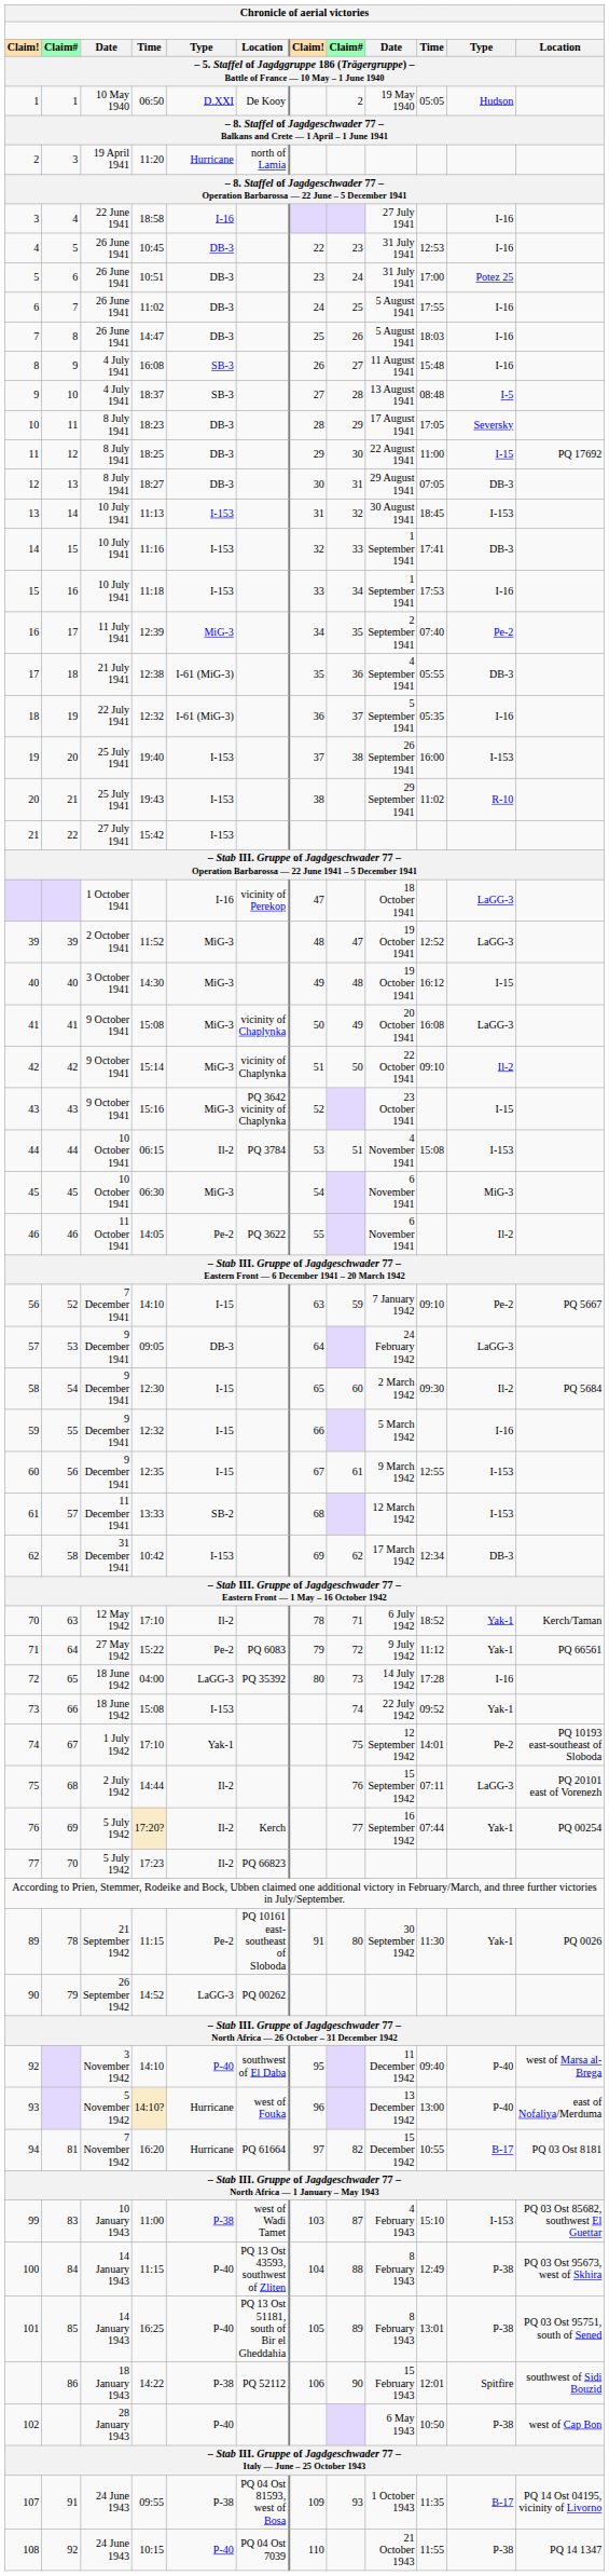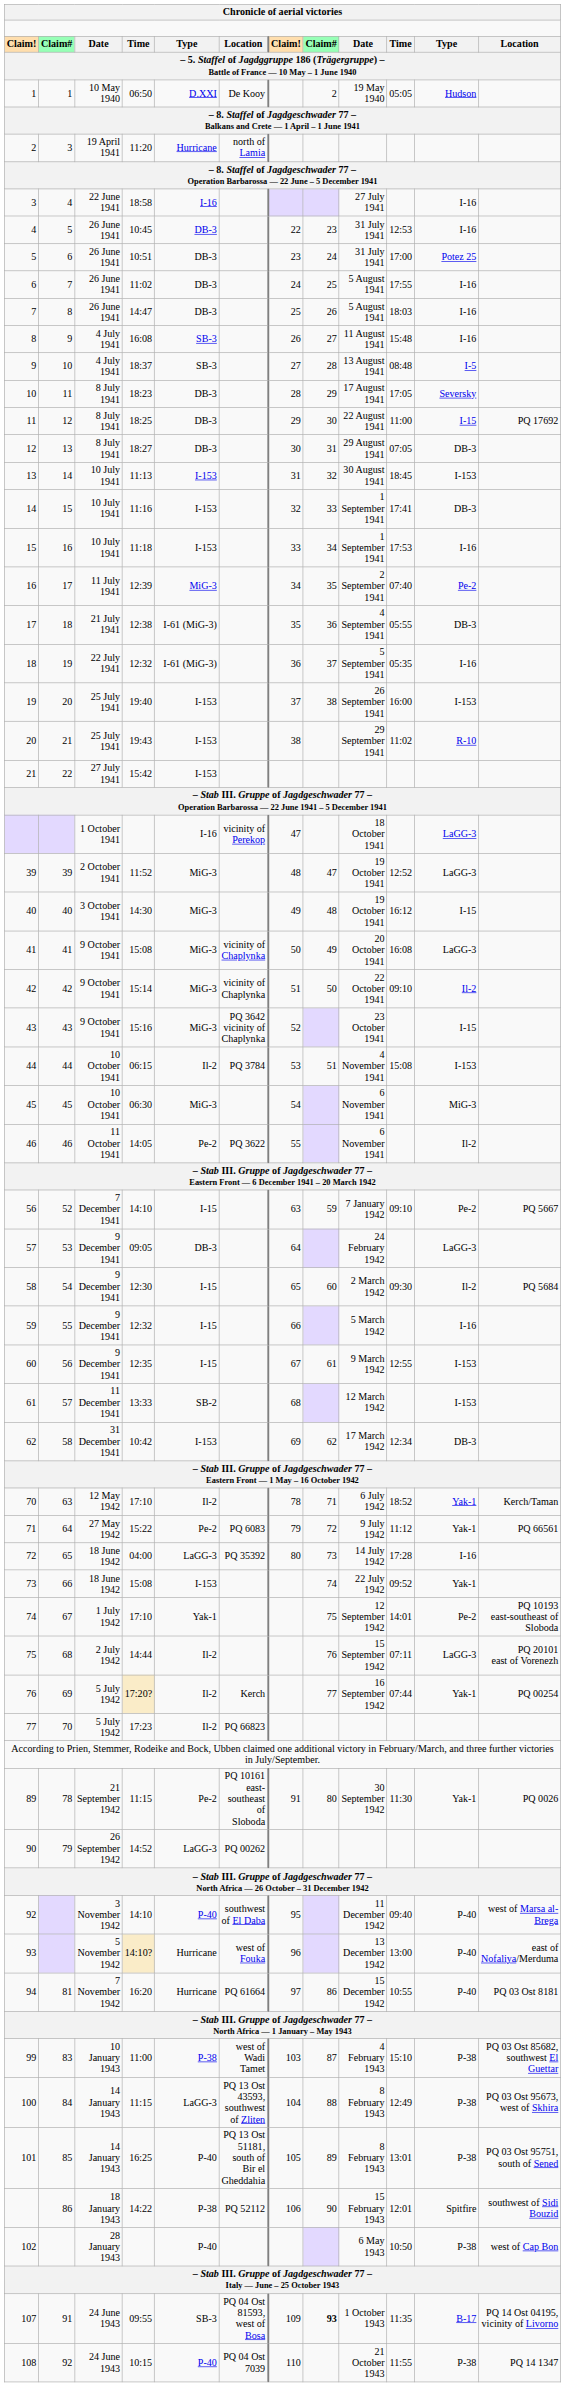 <table class="wikitable plainrowheaders collapsible" style="margin-left: auto; margin-right: auto; border: none; text-align:right; width: 100%;">
 <tr>
 <th colspan="12">Chronicle of aerial victories</th>
 </tr>
 <tr>
 <td colspan="12" style="text-align: left;"><br>   </td>
 </tr>
 <tr>
 <th scope="col" style="background:#ffdead">Claim!</th>
 <th scope="col" style="background:#97ffb6">Claim#</th>
 <th scope="col">Date</th>
 <th scope="col">Time</th>
 <th scope="col" width="100px">Type</th>
 <th scope="col">Location</th>
 <th scope="col" style="border-left: 3px solid grey; background:#ffdead">Claim!</th>
 <th scope="col" style="background:#97ffb6">Claim#</th>
 <th scope="col">Date</th>
 <th scope="col">Time</th>
 <th scope="col" width="100px">Type</th>
 <th scope="col">Location</th>
 </tr>
 <tr>
 <th colspan="12">– 5. <em>Staffel</em> of <em>Jagdggruppe</em> 186 (<em>Trägergruppe</em>) –<br><small>Battle of France — 10 May – 1 June 1940</small></th>
 </tr>
 <tr>
 <td>1</td>
 <td>1</td>
 <td>10 May 1940</td>
 <td>06:50</td>
 <td><a href='#'>D.XXI</a></td>
 <td>De Kooy</td>
 <td style="border-left: 3px solid grey;"></td>
 <td>2</td>
 <td>19 May 1940</td>
 <td>05:05</td>
 <td><a href='#'>Hudson</a></td>
 <td></td>
 </tr>
 <tr>
 <th colspan="12">– 8. <em>Staffel</em> of <em>Jagdgeschwader</em> 77 –<br><small>Balkans and Crete — 1 April – 1 June 1941</small></th>
 </tr>
 <tr>
 <td>2</td>
 <td>3</td>
 <td>19 April 1941</td>
 <td>11:20</td>
 <td><a href='#'>Hurricane</a></td>
 <td> north of <a href='#'>Lamia</a></td>
 <td style="border-left: 3px solid grey;"></td>
 <td></td>
 <td></td>
 <td></td>
 <td></td>
 <td></td>
 </tr>
 <tr>
 <th colspan="12">– 8. <em>Staffel</em> of <em>Jagdgeschwader</em> 77 –<br><small>Operation Barbarossa — 22 June – 5 December 1941</small></th>
 </tr>
 <tr>
 <td>3</td>
 <td>4</td>
 <td>22 June 1941</td>
 <td>18:58</td>
 <td><a href='#'>I-16</a></td>
 <td></td>
 <td style="border-left: 3px solid grey; background:#e3d9ff;"></td>
 <td style="background:#e3d9ff;"></td>
 <td>27 July 1941</td>
 <td></td>
 <td>I-16</td>
 <td></td>
 </tr>
 <tr>
 <td>4</td>
 <td>5</td>
 <td>26 June 1941</td>
 <td>10:45</td>
 <td><a href='#'>DB-3</a></td>
 <td></td>
 <td style="border-left: 3px solid grey;">22</td>
 <td>23</td>
 <td>31 July 1941</td>
 <td>12:53</td>
 <td>I-16</td>
 <td></td>
 </tr>
 <tr>
 <td>5</td>
 <td>6</td>
 <td>26 June 1941</td>
 <td>10:51</td>
 <td>DB-3</td>
 <td></td>
 <td style="border-left: 3px solid grey;">23</td>
 <td>24</td>
 <td>31 July 1941</td>
 <td>17:00</td>
 <td><a href='#'>Potez 25</a></td>
 <td></td>
 </tr>
 <tr>
 <td>6</td>
 <td>7</td>
 <td>26 June 1941</td>
 <td>11:02</td>
 <td>DB-3</td>
 <td></td>
 <td style="border-left: 3px solid grey;">24</td>
 <td>25</td>
 <td>5 August 1941</td>
 <td>17:55</td>
 <td>I-16</td>
 <td></td>
 </tr>
 <tr>
 <td>7</td>
 <td>8</td>
 <td>26 June 1941</td>
 <td>14:47</td>
 <td>DB-3</td>
 <td></td>
 <td style="border-left: 3px solid grey;">25</td>
 <td>26</td>
 <td>5 August 1941</td>
 <td>18:03</td>
 <td>I-16</td>
 <td></td>
 </tr>
 <tr>
 <td>8</td>
 <td>9</td>
 <td>4 July 1941</td>
 <td>16:08</td>
 <td><a href='#'>SB-3</a></td>
 <td></td>
 <td style="border-left: 3px solid grey;">26</td>
 <td>27</td>
 <td>11 August 1941</td>
 <td>15:48</td>
 <td>I-16</td>
 <td></td>
 </tr>
 <tr>
 <td>9</td>
 <td>10</td>
 <td>4 July 1941</td>
 <td>18:37</td>
 <td>SB-3</td>
 <td></td>
 <td style="border-left: 3px solid grey;">27</td>
 <td>28</td>
 <td>13 August 1941</td>
 <td>08:48</td>
 <td><a href='#'>I-5</a></td>
 <td></td>
 </tr>
 <tr>
 <td>10</td>
 <td>11</td>
 <td>8 July 1941</td>
 <td>18:23</td>
 <td>DB-3</td>
 <td></td>
 <td style="border-left: 3px solid grey;">28</td>
 <td>29</td>
 <td>17 August 1941</td>
 <td>17:05</td>
 <td><a href='#'>Seversky</a></td>
 <td></td>
 </tr>
 <tr>
 <td>11</td>
 <td>12</td>
 <td>8 July 1941</td>
 <td>18:25</td>
 <td>DB-3</td>
 <td></td>
 <td style="border-left: 3px solid grey;">29</td>
 <td>30</td>
 <td>22 August 1941</td>
 <td>11:00</td>
 <td><a href='#'>I-15</a></td>
 <td>PQ 17692</td>
 </tr>
 <tr>
 <td>12</td>
 <td>13</td>
 <td>8 July 1941</td>
 <td>18:27</td>
 <td>DB-3</td>
 <td></td>
 <td style="border-left: 3px solid grey;">30</td>
 <td>31</td>
 <td>29 August 1941</td>
 <td>07:05</td>
 <td>DB-3</td>
 <td></td>
 </tr>
 <tr>
 <td>13</td>
 <td>14</td>
 <td>10 July 1941</td>
 <td>11:13</td>
 <td><a href='#'>I-153</a></td>
 <td></td>
 <td style="border-left: 3px solid grey;">31</td>
 <td>32</td>
 <td>30 August 1941</td>
 <td>18:45</td>
 <td>I-153</td>
 <td></td>
 </tr>
 <tr>
 <td>14</td>
 <td>15</td>
 <td>10 July 1941</td>
 <td>11:16</td>
 <td>I-153</td>
 <td></td>
 <td style="border-left: 3px solid grey;">32</td>
 <td>33</td>
 <td>1 September 1941</td>
 <td>17:41</td>
 <td>DB-3</td>
 <td></td>
 </tr>
 <tr>
 <td>15</td>
 <td>16</td>
 <td>10 July 1941</td>
 <td>11:18</td>
 <td>I-153</td>
 <td></td>
 <td style="border-left: 3px solid grey;">33</td>
 <td>34</td>
 <td>1 September 1941</td>
 <td>17:53</td>
 <td>I-16</td>
 <td></td>
 </tr>
 <tr>
 <td>16</td>
 <td>17</td>
 <td>11 July 1941</td>
 <td>12:39</td>
 <td><a href='#'>MiG-3</a></td>
 <td></td>
 <td style="border-left: 3px solid grey;">34</td>
 <td>35</td>
 <td>2 September 1941</td>
 <td>07:40</td>
 <td><a href='#'>Pe-2</a></td>
 <td></td>
 </tr>
 <tr>
 <td>17</td>
 <td>18</td>
 <td>21 July 1941</td>
 <td>12:38</td>
 <td>I-61 (MiG-3)</td>
 <td></td>
 <td style="border-left: 3px solid grey;">35</td>
 <td>36</td>
 <td>4 September 1941</td>
 <td>05:55</td>
 <td>DB-3</td>
 <td></td>
 </tr>
 <tr>
 <td>18</td>
 <td>19</td>
 <td>22 July 1941</td>
 <td>12:32</td>
 <td>I-61 (MiG-3)</td>
 <td></td>
 <td style="border-left: 3px solid grey;">36</td>
 <td>37</td>
 <td>5 September 1941</td>
 <td>05:35</td>
 <td>I-16</td>
 <td></td>
 </tr>
 <tr>
 <td>19</td>
 <td>20</td>
 <td>25 July 1941</td>
 <td>19:40</td>
 <td>I-153</td>
 <td></td>
 <td style="border-left: 3px solid grey;">37</td>
 <td>38</td>
 <td>26 September 1941</td>
 <td>16:00</td>
 <td>I-153</td>
 <td></td>
 </tr>
 <tr>
 <td>20</td>
 <td>21</td>
 <td>25 July 1941</td>
 <td>19:43</td>
 <td>I-153</td>
 <td></td>
 <td style="border-left: 3px solid grey;">38</td>
 <td></td>
 <td>29 September 1941</td>
 <td>11:02</td>
 <td><a href='#'>R-10</a></td>
 <td></td>
 </tr>
 <tr>
 <td>21</td>
 <td>22</td>
 <td>27 July 1941</td>
 <td>15:42</td>
 <td>I-153</td>
 <td></td>
 <td style="border-left: 3px solid grey;"></td>
 <td></td>
 <td></td>
 <td></td>
 <td></td>
 <td></td>
 </tr>
 <tr>
 <th colspan="12">– <em>Stab</em> III. <em>Gruppe</em> of <em>Jagdgeschwader</em> 77 –<br><small>Operation Barbarossa — 22 June 1941 – 5 December 1941</small></th>
 </tr>
 <tr>
 <td style="background:#e3d9ff;"></td>
 <td style="background:#e3d9ff;"></td>
 <td>1 October 1941</td>
 <td></td>
 <td>I-16</td>
 <td>vicinity of <a href='#'>Perekop</a></td>
 <td style="border-left: 3px solid grey;">47</td>
 <td></td>
 <td>18 October 1941</td>
 <td></td>
 <td><a href='#'>LaGG-3</a></td>
 <td></td>
 </tr>
 <tr>
 <td>39</td>
 <td>39</td>
 <td>2 October 1941</td>
 <td>11:52</td>
 <td>MiG-3</td>
 <td></td>
 <td style="border-left: 3px solid grey;">48</td>
 <td>47</td>
 <td>19 October 1941</td>
 <td>12:52</td>
 <td>LaGG-3</td>
 <td></td>
 </tr>
 <tr>
 <td>40</td>
 <td>40</td>
 <td>3 October 1941</td>
 <td>14:30</td>
 <td>MiG-3</td>
 <td></td>
 <td style="border-left: 3px solid grey;">49</td>
 <td>48</td>
 <td>19 October 1941</td>
 <td>16:12</td>
 <td>I-15</td>
 <td></td>
 </tr>
 <tr>
 <td>41</td>
 <td>41</td>
 <td>9 October 1941</td>
 <td>15:08</td>
 <td>MiG-3</td>
 <td>vicinity of <a href='#'>Chaplynka</a></td>
 <td style="border-left: 3px solid grey;">50</td>
 <td>49</td>
 <td>20 October 1941</td>
 <td>16:08</td>
 <td>LaGG-3</td>
 <td></td>
 </tr>
 <tr>
 <td>42</td>
 <td>42</td>
 <td>9 October 1941</td>
 <td>15:14</td>
 <td>MiG-3</td>
 <td>vicinity of Chaplynka</td>
 <td style="border-left: 3px solid grey;">51</td>
 <td>50</td>
 <td>22 October 1941</td>
 <td>09:10</td>
 <td><a href='#'>Il-2</a></td>
 <td></td>
 </tr>
 <tr>
 <td>43</td>
 <td>43</td>
 <td>9 October 1941</td>
 <td>15:16</td>
 <td>MiG-3</td>
 <td>PQ 3642<br>vicinity of Chaplynka</td>
 <td style="border-left: 3px solid grey;">52</td>
 <td style="background:#e3d9ff;"></td>
 <td>23 October 1941</td>
 <td></td>
 <td>I-15</td>
 <td></td>
 </tr>
 <tr>
 <td>44</td>
 <td>44</td>
 <td>10 October 1941</td>
 <td>06:15</td>
 <td>Il-2</td>
 <td>PQ 3784</td>
 <td style="border-left: 3px solid grey;">53</td>
 <td>51</td>
 <td>4 November 1941</td>
 <td>15:08</td>
 <td>I-153</td>
 <td></td>
 </tr>
 <tr>
 <td>45</td>
 <td>45</td>
 <td>10 October 1941</td>
 <td>06:30</td>
 <td>MiG-3</td>
 <td></td>
 <td style="border-left: 3px solid grey;">54</td>
 <td style="background:#e3d9ff;"></td>
 <td>6 November 1941</td>
 <td></td>
 <td>MiG-3</td>
 <td></td>
 </tr>
 <tr>
 <td>46</td>
 <td>46</td>
 <td>11 October 1941</td>
 <td>14:05</td>
 <td>Pe-2</td>
 <td>PQ 3622</td>
 <td style="border-left: 3px solid grey;">55</td>
 <td style="background:#e3d9ff;"></td>
 <td>6 November 1941</td>
 <td></td>
 <td>Il-2</td>
 <td></td>
 </tr>
 <tr>
 <th colspan="12">– <em>Stab</em> III. <em>Gruppe</em> of <em>Jagdgeschwader</em> 77 –<br><small>Eastern Front — 6 December 1941 – 20 March 1942</small></th>
 </tr>
 <tr>
 <td>56</td>
 <td>52</td>
 <td>7 December 1941</td>
 <td>14:10</td>
 <td>I-15</td>
 <td></td>
 <td style="border-left: 3px solid grey;">63</td>
 <td>59</td>
 <td>7 January 1942</td>
 <td>09:10</td>
 <td>Pe-2</td>
 <td>PQ 5667</td>
 </tr>
 <tr>
 <td>57</td>
 <td>53</td>
 <td>9 December 1941</td>
 <td>09:05</td>
 <td>DB-3</td>
 <td></td>
 <td style="border-left: 3px solid grey;">64</td>
 <td style="background:#e3d9ff;"></td>
 <td>24 February 1942</td>
 <td></td>
 <td>LaGG-3</td>
 <td></td>
 </tr>
 <tr>
 <td>58</td>
 <td>54</td>
 <td>9 December 1941</td>
 <td>12:30</td>
 <td>I-15</td>
 <td></td>
 <td style="border-left: 3px solid grey;">65</td>
 <td>60</td>
 <td>2 March 1942</td>
 <td>09:30</td>
 <td>Il-2</td>
 <td>PQ 5684</td>
 </tr>
 <tr>
 <td>59</td>
 <td>55</td>
 <td>9 December 1941</td>
 <td>12:32</td>
 <td>I-15</td>
 <td></td>
 <td style="border-left: 3px solid grey;">66</td>
 <td style="background:#e3d9ff;"></td>
 <td>5 March 1942</td>
 <td></td>
 <td>I-16</td>
 <td></td>
 </tr>
 <tr>
 <td>60</td>
 <td>56</td>
 <td>9 December 1941</td>
 <td>12:35</td>
 <td>I-15</td>
 <td></td>
 <td style="border-left: 3px solid grey;">67</td>
 <td>61</td>
 <td>9 March 1942</td>
 <td>12:55</td>
 <td>I-153</td>
 <td></td>
 </tr>
 <tr>
 <td>61</td>
 <td>57</td>
 <td>11 December 1941</td>
 <td>13:33</td>
 <td>SB-2</td>
 <td></td>
 <td style="border-left: 3px solid grey;">68</td>
 <td style="background:#e3d9ff;"></td>
 <td>12 March 1942</td>
 <td></td>
 <td>I-153</td>
 <td></td>
 </tr>
 <tr>
 <td>62</td>
 <td>58</td>
 <td>31 December 1941</td>
 <td>10:42</td>
 <td>I-153</td>
 <td></td>
 <td style="border-left: 3px solid grey;">69</td>
 <td>62</td>
 <td>17 March 1942</td>
 <td>12:34</td>
 <td>DB-3</td>
 <td></td>
 </tr>
 <tr>
 <th colspan="12">– <em>Stab</em> III. <em>Gruppe</em> of <em>Jagdgeschwader</em> 77 –<br><small>Eastern Front — 1 May – 16 October 1942</small></th>
 </tr>
 <tr>
 <td>70</td>
 <td>63</td>
 <td>12 May 1942</td>
 <td>17:10</td>
 <td>Il-2</td>
 <td></td>
 <td style="border-left: 3px solid grey;">78</td>
 <td>71</td>
 <td>6 July 1942</td>
 <td>18:52</td>
 <td><a href='#'>Yak-1</a></td>
 <td>Kerch/Taman</td>
 </tr>
 <tr>
 <td>71</td>
 <td>64</td>
 <td>27 May 1942</td>
 <td>15:22</td>
 <td>Pe-2</td>
 <td>PQ 6083</td>
 <td style="border-left: 3px solid grey;">79</td>
 <td>72</td>
 <td>9 July 1942</td>
 <td>11:12</td>
 <td>Yak-1</td>
 <td>PQ 66561</td>
 </tr>
 <tr>
 <td>72</td>
 <td>65</td>
 <td>18 June 1942</td>
 <td>04:00</td>
 <td>LaGG-3</td>
 <td>PQ 35392</td>
 <td style="border-left: 3px solid grey;">80</td>
 <td>73</td>
 <td>14 July 1942</td>
 <td>17:28</td>
 <td>I-16</td>
 <td></td>
 </tr>
 <tr>
 <td>73</td>
 <td>66</td>
 <td>18 June 1942</td>
 <td>15:08</td>
 <td>I-153</td>
 <td></td>
 <td style="border-left: 3px solid grey;"></td>
 <td>74</td>
 <td>22 July 1942</td>
 <td>09:52</td>
 <td>Yak-1</td>
 <td></td>
 </tr>
 <tr>
 <td>74</td>
 <td>67</td>
 <td>1 July 1942</td>
 <td>17:10</td>
 <td>Yak-1</td>
 <td></td>
 <td style="border-left: 3px solid grey;"></td>
 <td>75</td>
 <td>12 September 1942</td>
 <td>14:01</td>
 <td>Pe-2</td>
 <td>PQ 10193<br> east-southeast of Sloboda</td>
 </tr>
 <tr>
 <td>75</td>
 <td>68</td>
 <td>2 July 1942</td>
 <td>14:44</td>
 <td>Il-2</td>
 <td></td>
 <td style="border-left: 3px solid grey;"></td>
 <td>76</td>
 <td>15 September 1942</td>
 <td>07:11</td>
 <td>LaGG-3</td>
 <td>PQ 20101<br> east of Vorenezh</td>
 </tr>
 <tr>
 <td>76</td>
 <td>69</td>
 <td>5 July 1942</td>
 <td style="background:#faecc8">17:20?</td>
 <td>Il-2</td>
 <td>Kerch</td>
 <td style="border-left: 3px solid grey;"></td>
 <td>77</td>
 <td>16 September 1942</td>
 <td>07:44</td>
 <td>Yak-1</td>
 <td>PQ 00254</td>
 </tr>
 <tr>
 <td>77</td>
 <td>70</td>
 <td>5 July 1942</td>
 <td>17:23</td>
 <td>Il-2</td>
 <td>PQ 66823</td>
 <td style="border-left: 3px solid grey;"></td>
 <td></td>
 <td></td>
 <td></td>
 <td></td>
 <td></td>
 </tr>
 <tr>
 <td colspan="12" style="text-align: center">According to Prien, Stemmer, Rodeike and Bock, Ubben claimed one additional victory in February/March, and three further victories in July/September.</td>
 </tr>
 <tr>
 <td>89</td>
 <td>78</td>
 <td>21 September 1942</td>
 <td>11:15</td>
 <td>Pe-2</td>
 <td>PQ 10161<br> east-southeast of Sloboda</td>
 <td style="border-left: 3px solid grey;">91</td>
 <td>80</td>
 <td>30 September 1942</td>
 <td>11:30</td>
 <td>Yak-1</td>
 <td>PQ 0026</td>
 </tr>
 <tr>
 <td>90</td>
 <td>79</td>
 <td>26 September 1942</td>
 <td>14:52</td>
 <td>LaGG-3</td>
 <td>PQ 00262</td>
 <td style="border-left: 3px solid grey;"></td>
 <td></td>
 <td></td>
 <td></td>
 <td></td>
 <td></td>
 </tr>
 <tr>
 <th colspan="12">– <em>Stab</em> III. <em>Gruppe</em> of <em>Jagdgeschwader</em> 77 –<br><small>North Africa — 26 October – 31 December 1942</small></th>
 </tr>
 <tr>
 <td>92</td>
 <td style="background:#e3d9ff;"></td>
 <td>3 November 1942</td>
 <td>14:10</td>
 <td><a href='#'>P-40</a></td>
 <td>southwest of <a href='#'>El Daba</a></td>
 <td style="border-left: 3px solid grey;">95</td>
 <td style="background:#e3d9ff;"></td>
 <td>11 December 1942</td>
 <td>09:40</td>
 <td>P-40</td>
 <td>west of <a href='#'>Marsa al-Brega</a></td>
 </tr>
 <tr>
 <td>93</td>
 <td style="background:#e3d9ff;"></td>
 <td>5 November 1942</td>
 <td style="background:#faecc8">14:10?</td>
 <td>Hurricane</td>
 <td>west of <a href='#'>Fouka</a></td>
 <td style="border-left: 3px solid grey;">96</td>
 <td style="background:#e3d9ff;"></td>
 <td>13 December 1942</td>
 <td>13:00</td>
 <td>P-40</td>
 <td>east of <a href='#'>Nofaliya</a>/Merduma</td>
 </tr>
 <tr>
 <td>94</td>
 <td>81</td>
 <td>7 November 1942</td>
 <td>16:20</td>
 <td>Hurricane</td>
 <td>PQ 61664</td>
 <td style="border-left: 3px solid grey;">97</td>
-<td>82</td>
+<td>86</td>
 <td>15 December 1942</td>
 <td>10:55</td>
-<td><a href='#'>B-17</a></td>
+<td>P-40</td>
 <td>PQ 03 Ost 8181</td>
 </tr>
 <tr>
 <th colspan="12">– <em>Stab</em> III. <em>Gruppe</em> of <em>Jagdgeschwader</em> 77 –<br><small>North Africa — 1 January – May 1943</small></th>
 </tr>
 <tr>
 <td>99</td>
 <td>83</td>
 <td>10 January 1943</td>
 <td>11:00</td>
 <td><a href='#'>P-38</a></td>
 <td>west of Wadi Tamet</td>
 <td style="border-left: 3px solid grey;">103</td>
 <td>87</td>
 <td>4 February 1943</td>
 <td>15:10</td>
-<td>I-153</td>
+<td>P-38</td>
 <td>PQ 03 Ost 85682, southwest <a href='#'>El Guettar</a></td>
 </tr>
 <tr>
 <td>100</td>
 <td>84</td>
 <td>14 January 1943</td>
 <td>11:15</td>
-<td>P-40</td>
+<td>LaGG-3</td>
 <td>PQ 13 Ost 43593, southwest of <a href='#'>Zliten</a></td>
 <td style="border-left: 3px solid grey;">104</td>
 <td>88</td>
 <td>8 February 1943</td>
 <td>12:49</td>
 <td>P-38</td>
 <td>PQ 03 Ost 95673, west of <a href='#'>Skhira</a></td>
 </tr>
 <tr>
 <td>101</td>
 <td>85</td>
 <td>14 January 1943</td>
 <td>16:25</td>
 <td>P-40</td>
 <td>PQ 13 Ost 51181, south of Bir el Gheddahia</td>
 <td style="border-left: 3px solid grey;">105</td>
 <td>89</td>
 <td>8 February 1943</td>
 <td>13:01</td>
 <td>P-38</td>
 <td>PQ 03 Ost 95751, south of <a href='#'>Sened</a></td>
 </tr>
 <tr>
 <td></td>
 <td>86</td>
 <td>18 January 1943</td>
 <td>14:22</td>
 <td>P-38</td>
 <td>PQ 52112</td>
 <td style="border-left: 3px solid grey;">106</td>
 <td>90</td>
 <td>15 February 1943</td>
 <td>12:01</td>
 <td>Spitfire</td>
 <td> southwest of <a href='#'>Sidi Bouzid</a></td>
 </tr>
 <tr>
 <td>102</td>
 <td></td>
 <td>28 January 1943</td>
 <td></td>
 <td>P-40</td>
 <td></td>
 <td style="border-left: 3px solid grey;"></td>
 <td style="background:#e3d9ff;"></td>
 <td>6 May 1943</td>
 <td>10:50</td>
 <td>P-38</td>
 <td> west of <a href='#'>Cap Bon</a></td>
 </tr>
 <tr>
 <th colspan="12">– <em>Stab</em> III. <em>Gruppe</em> of <em>Jagdgeschwader</em> 77 –<br><small>Italy — June – 25 October 1943</small></th>
 </tr>
 <tr>
 <td>107</td>
 <td>91</td>
 <td>24 June 1943</td>
 <td>09:55</td>
-<td>P-38</td>
+<td>SB-3</td>
 <td>PQ 04 Ost 81593, west of <a href='#'>Bosa</a></td>
 <td style="border-left: 3px solid grey;">109</td>
-<td>93</td>
+<td><strong>93</strong></td>
 <td>1 October 1943</td>
 <td>11:35</td>
 <td><a href='#'>B-17</a></td>
 <td>PQ 14 Ost 04195, vicinity of <a href='#'>Livorno</a></td>
 </tr>
 <tr>
 <td>108</td>
 <td>92</td>
 <td>24 June 1943</td>
 <td>10:15</td>
 <td><a href='#'>P-40</a></td>
 <td>PQ 04 Ost 7039</td>
 <td style="border-left: 3px solid grey;">110</td>
 <td></td>
 <td>21 October 1943</td>
 <td>11:55</td>
 <td>P-38</td>
 <td>PQ 14 1347</td>
 </tr>
 </table>
